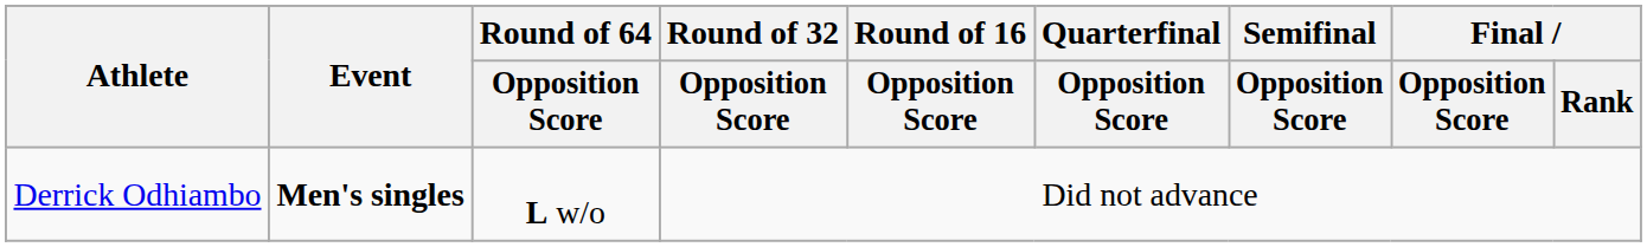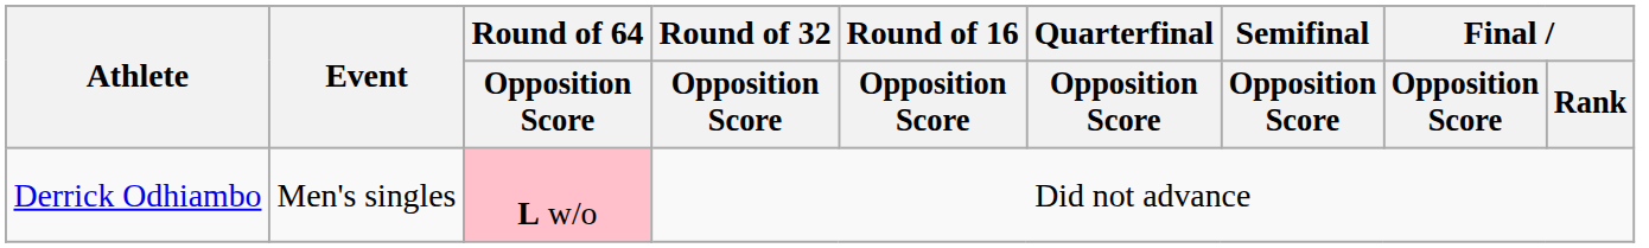 <table class="wikitable" style="font-size:90%; text-align:center">
 <tr>
 <th rowspan=2>Athlete</th>
 <th rowspan=2>Event</th>
 <th>Round of 64</th>
 <th>Round of 32</th>
 <th>Round of 16</th>
 <th>Quarterfinal</th>
 <th>Semifinal</th>
 <th colspan=2>Final / </th>
 </tr>
 <tr style="font-size:95%">
 <th>Opposition<br>Score</th>
 <th>Opposition<br>Score</th>
 <th>Opposition<br>Score</th>
 <th>Opposition<br>Score</th>
 <th>Opposition<br>Score</th>
 <th>Opposition<br>Score</th>
 <th>Rank</th>
 </tr>
 <tr>
 <td align="left"><a href='#'>Derrick Odhiambo</a></td>
-<td align="left"><strong>Men's singles</strong></td>
-<td><br><strong>L</strong> w/o</td>
+<td align="left">Men's singles</td>
+<td style="background: pink;"><br><strong>L</strong> w/o</td>
 <td colspan=6>Did not advance</td>
 </tr>
 </table>
